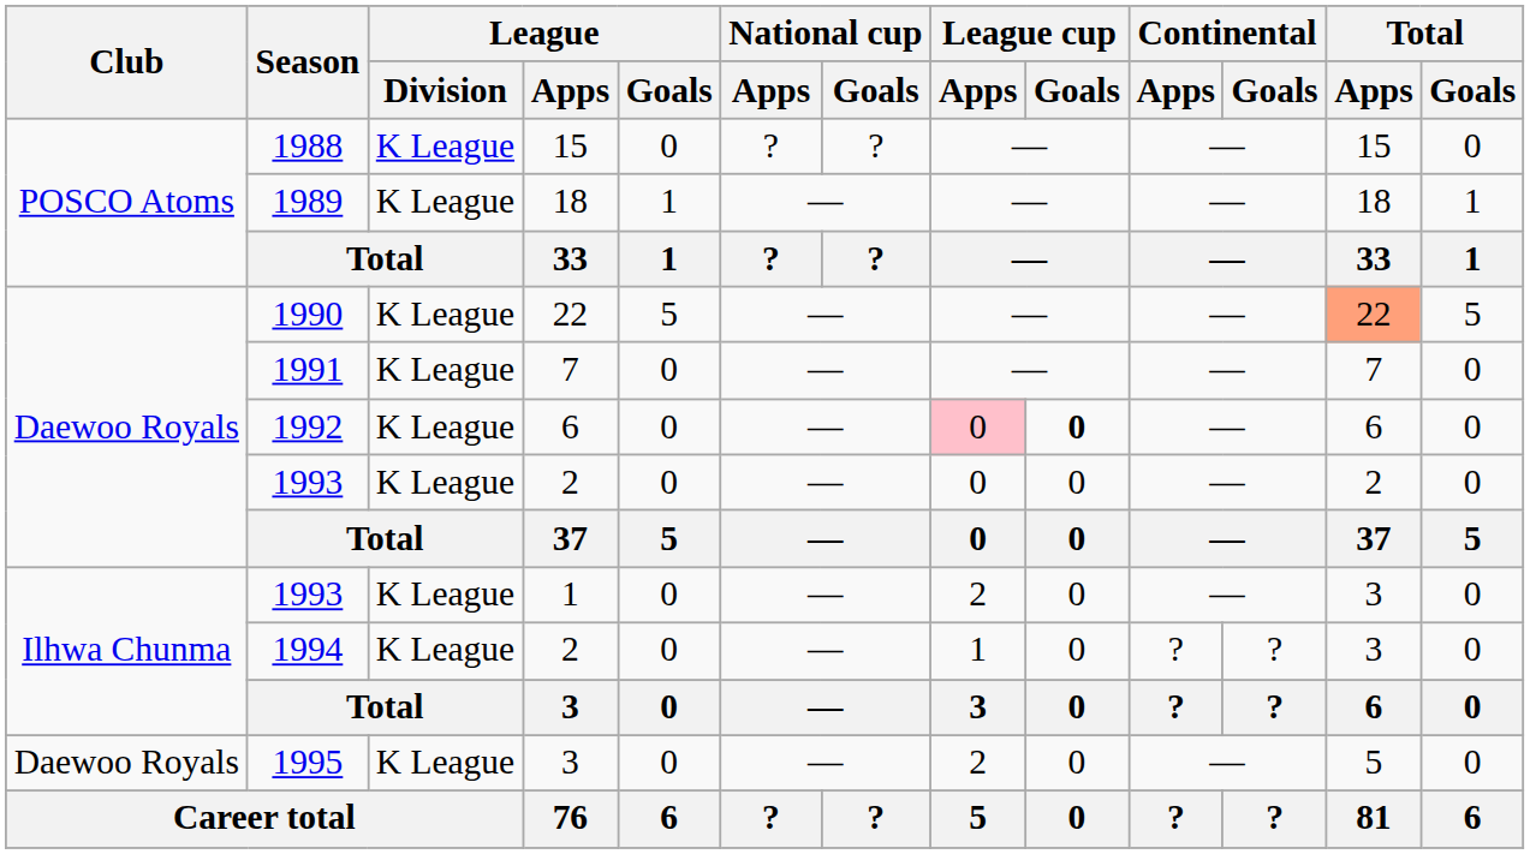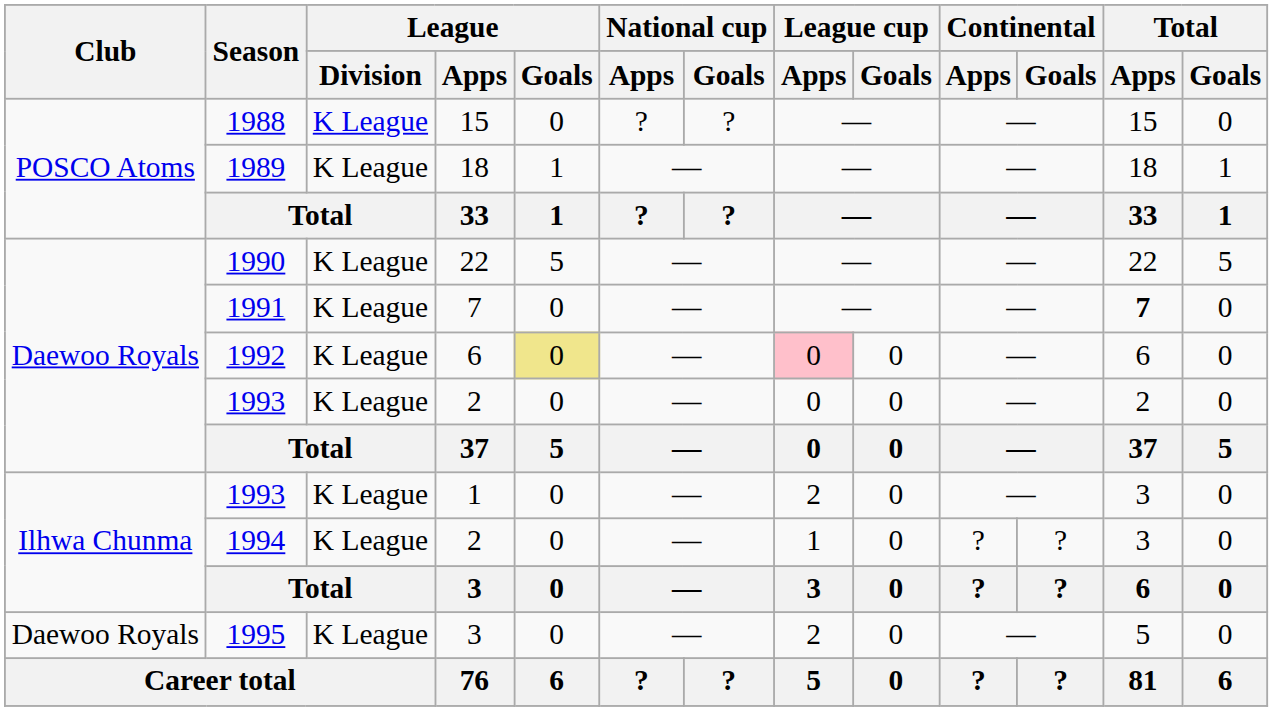 <table class="wikitable" style="text-align:center">
 <tr>
 <th rowspan="2">Club</th>
 <th rowspan="2">Season</th>
 <th colspan="3">League</th>
 <th colspan="2">National cup</th>
 <th colspan="2">League cup</th>
 <th colspan="2">Continental</th>
 <th colspan="2">Total</th>
 </tr>
 <tr>
 <th>Division</th>
 <th>Apps</th>
 <th>Goals</th>
 <th>Apps</th>
 <th>Goals</th>
 <th>Apps</th>
 <th>Goals</th>
 <th>Apps</th>
 <th>Goals</th>
 <th>Apps</th>
 <th>Goals</th>
 </tr>
 <tr>
 <td rowspan="3"><a href='#'>POSCO Atoms</a></td>
 <td><a href='#'>1988</a></td>
 <td><a href='#'>K League</a></td>
 <td>15</td>
 <td>0</td>
 <td>?</td>
 <td>?</td>
 <td colspan="2">—</td>
 <td colspan="2">—</td>
 <td>15</td>
 <td>0</td>
 </tr>
 <tr>
 <td><a href='#'>1989</a></td>
 <td>K League</td>
 <td>18</td>
 <td>1</td>
 <td colspan="2">—</td>
 <td colspan="2">—</td>
 <td colspan="2">—</td>
 <td>18</td>
 <td>1</td>
 </tr>
 <tr>
 <th colspan="2">Total</th>
 <th>33</th>
 <th>1</th>
 <th>?</th>
 <th>?</th>
 <th colspan="2">—</th>
 <th colspan="2">—</th>
 <th>33</th>
 <th>1</th>
 </tr>
 <tr>
 <td rowspan="5"><a href='#'>Daewoo Royals</a></td>
 <td><a href='#'>1990</a></td>
 <td>K League</td>
 <td>22</td>
 <td>5</td>
 <td colspan="2">—</td>
 <td colspan="2">—</td>
 <td colspan="2">—</td>
-<td style="background: lightsalmon;">22</td>
+<td>22</td>
 <td>5</td>
 </tr>
 <tr>
 <td><a href='#'>1991</a></td>
 <td>K League</td>
 <td>7</td>
 <td>0</td>
 <td colspan="2">—</td>
 <td colspan="2">—</td>
 <td colspan="2">—</td>
-<td>7</td>
+<td><strong>7</strong></td>
 <td>0</td>
 </tr>
 <tr>
 <td><a href='#'>1992</a></td>
 <td>K League</td>
 <td>6</td>
-<td>0</td>
+<td style="background: khaki;">0</td>
 <td colspan="2">—</td>
 <td style="background: pink;">0</td>
-<td><strong>0</strong></td>
+<td>0</td>
 <td colspan="2">—</td>
 <td>6</td>
 <td>0</td>
 </tr>
 <tr>
 <td><a href='#'>1993</a></td>
 <td>K League</td>
 <td>2</td>
 <td>0</td>
 <td colspan="2">—</td>
 <td>0</td>
 <td>0</td>
 <td colspan="2">—</td>
 <td>2</td>
 <td>0</td>
 </tr>
 <tr>
 <th colspan="2">Total</th>
 <th>37</th>
 <th>5</th>
 <th colspan="2">—</th>
 <th>0</th>
 <th>0</th>
 <th colspan="2">—</th>
 <th>37</th>
 <th>5</th>
 </tr>
 <tr>
 <td rowspan="3"><a href='#'>Ilhwa Chunma</a></td>
 <td><a href='#'>1993</a></td>
 <td>K League</td>
 <td>1</td>
 <td>0</td>
 <td colspan="2">—</td>
 <td>2</td>
 <td>0</td>
 <td colspan="2">—</td>
 <td>3</td>
 <td>0</td>
 </tr>
 <tr>
 <td><a href='#'>1994</a></td>
 <td>K League</td>
 <td>2</td>
 <td>0</td>
 <td colspan="2">—</td>
 <td>1</td>
 <td>0</td>
 <td>?</td>
 <td>?</td>
 <td>3</td>
 <td>0</td>
 </tr>
 <tr>
 <th colspan="2">Total</th>
 <th>3</th>
 <th>0</th>
 <th colspan="2">—</th>
 <th>3</th>
 <th>0</th>
 <th>?</th>
 <th>?</th>
 <th>6</th>
 <th>0</th>
 </tr>
 <tr>
 <td>Daewoo Royals</td>
 <td><a href='#'>1995</a></td>
 <td>K League</td>
 <td>3</td>
 <td>0</td>
 <td colspan="2">—</td>
 <td>2</td>
 <td>0</td>
 <td colspan="2">—</td>
 <td>5</td>
 <td>0</td>
 </tr>
 <tr>
 <th colspan="3">Career total</th>
 <th>76</th>
 <th>6</th>
 <th>?</th>
 <th>?</th>
 <th>5</th>
 <th>0</th>
 <th>?</th>
 <th>?</th>
 <th>81</th>
 <th>6</th>
 </tr>
 </table>
